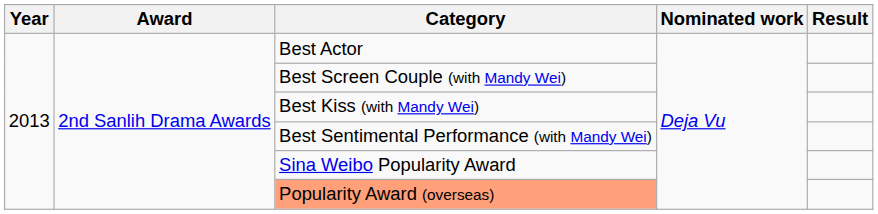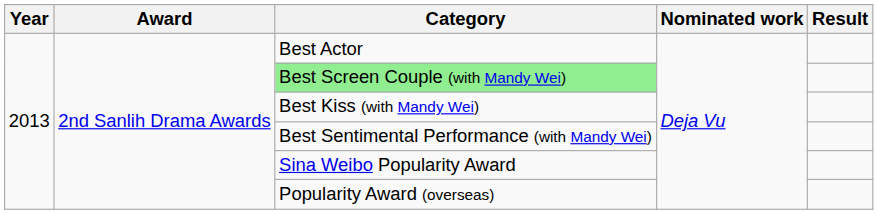 <table class="wikitable sortable">
 <tr>
 <th>Year</th>
 <th>Award</th>
 <th>Category</th>
 <th>Nominated work</th>
 <th>Result</th>
 </tr>
 <tr>
 <td rowspan=6>2013</td>
 <td rowspan=6><a href='#'>2nd Sanlih Drama Awards</a></td>
 <td>Best Actor</td>
 <td rowspan=6><em><a href='#'>Deja Vu</a></em></td>
 <td></td>
 </tr>
 <tr>
-<td>Best Screen Couple <small>(with <a href='#'>Mandy Wei</a>)</small></td>
+<td style="background: lightgreen;">Best Screen Couple <small>(with <a href='#'>Mandy Wei</a>)</small></td>
 <td></td>
 </tr>
 <tr>
 <td>Best Kiss <small>(with <a href='#'>Mandy Wei</a>)</small></td>
 <td></td>
 </tr>
 <tr>
 <td>Best Sentimental Performance <small>(with <a href='#'>Mandy Wei</a>)</small></td>
 <td></td>
 </tr>
 <tr>
 <td><a href='#'>Sina Weibo</a> Popularity Award</td>
 <td></td>
 </tr>
 <tr>
-<td style="background: lightsalmon;">Popularity Award <small>(overseas)</small></td>
+<td>Popularity Award <small>(overseas)</small></td>
 <td></td>
 </tr>
 </table>
